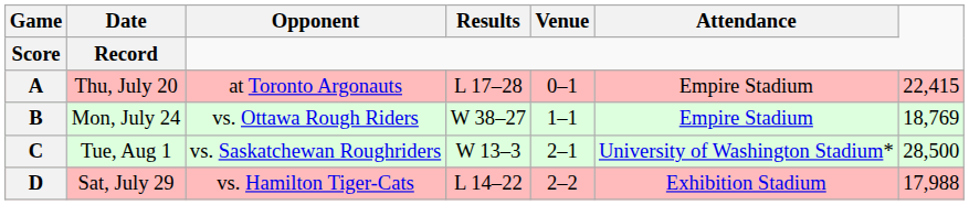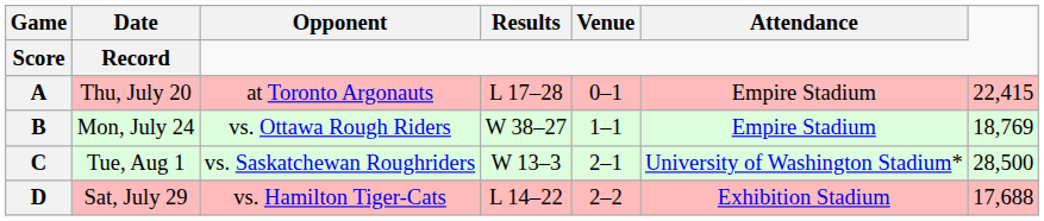 <table class="wikitable" style="text-align:center">
 <tr>
 <th>Game</th>
 <th>Date</th>
 <th>Opponent</th>
 <th>Results</th>
 <th>Venue</th>
 <th>Attendance</th>
 </tr>
 <tr>
 <th>Score</th>
 <th>Record</th>
 </tr>
 <tr style="background:#ffbbbb">
 <th>A</th>
 <td>Thu, July 20</td>
 <td>at <a href='#'>Toronto Argonauts</a></td>
 <td>L 17–28</td>
 <td>0–1</td>
 <td>Empire Stadium</td>
 <td>22,415</td>
 </tr>
 <tr style="background:#ddffdd">
 <th>B</th>
 <td>Mon, July 24</td>
 <td>vs. <a href='#'>Ottawa Rough Riders</a></td>
 <td>W 38–27</td>
 <td>1–1</td>
 <td><a href='#'>Empire Stadium</a></td>
 <td>18,769</td>
 </tr>
 <tr style="background:#ddffdd">
 <th>C</th>
 <td>Tue, Aug 1</td>
 <td>vs. <a href='#'>Saskatchewan Roughriders</a></td>
 <td>W 13–3</td>
 <td>2–1</td>
 <td><a href='#'>University of Washington Stadium</a>*</td>
 <td>28,500</td>
 </tr>
 <tr style="background:#ffbbbb">
 <th>D</th>
 <td>Sat, July 29</td>
 <td>vs. <a href='#'>Hamilton Tiger-Cats</a></td>
 <td>L 14–22</td>
 <td>2–2</td>
 <td><a href='#'>Exhibition Stadium</a></td>
-<td>17,988</td>
+<td>17,688</td>
 </tr>
 </table>
